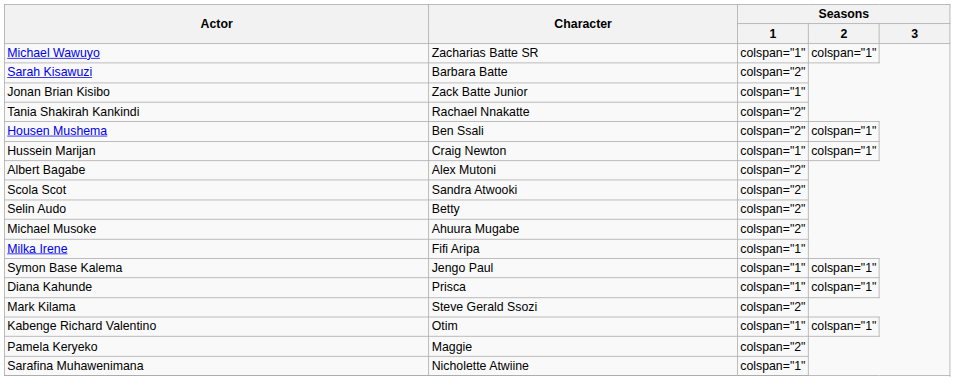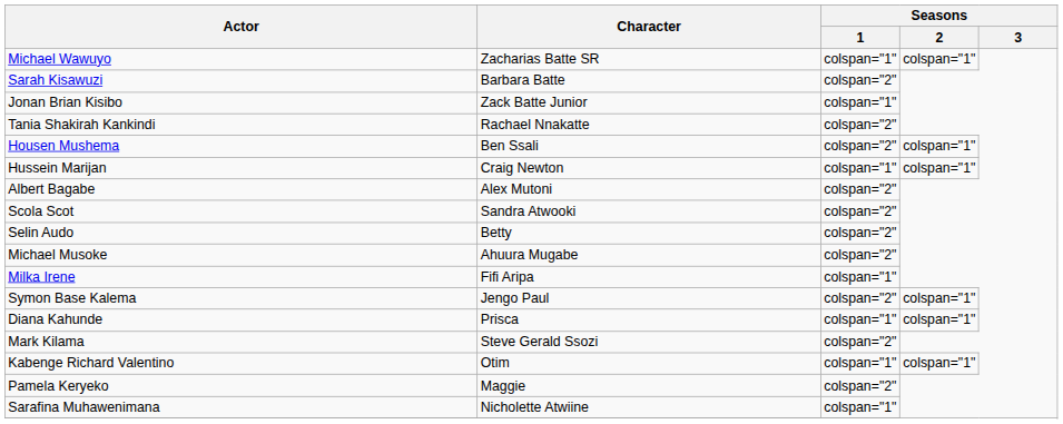 <table class="wikitable plainrowheaders">
 <tr>
 <th scope="col" rowspan="2">Actor</th>
 <th scope="col" rowspan="2">Character</th>
 <th scope="col" colspan="10">Seasons</th>
 </tr>
 <tr>
 <th scope="col" style="width:7.5%;">1</th>
 <th scope="col" style="width:7.5%;">2</th>
 <th scope="col" style="width:7.5%;">3</th>
 </tr>
 <tr>
 <td scope="row"><a href='#'>Michael Wawuyo</a></td>
 <td>Zacharias Batte SR</td>
 <td>colspan="1" </td>
 <td>colspan="1" </td>
 </tr>
 <tr>
 <td scope="row"><a href='#'>Sarah Kisawuzi</a></td>
 <td>Barbara Batte</td>
 <td>colspan="2" </td>
 </tr>
 <tr>
 <td scope="row">Jonan Brian Kisibo</td>
 <td>Zack Batte Junior</td>
 <td>colspan="1" </td>
 </tr>
 <tr>
 <td scope="row">Tania Shakirah Kankindi</td>
 <td>Rachael Nnakatte</td>
 <td>colspan="2" </td>
 </tr>
 <tr>
 <td><a href='#'>Housen Mushema</a></td>
 <td>Ben Ssali</td>
 <td>colspan="2" </td>
 <td>colspan="1" </td>
 </tr>
 <tr>
 <td>Hussein Marijan</td>
 <td>Craig Newton</td>
 <td>colspan="1" </td>
 <td>colspan="1" </td>
 </tr>
 <tr>
 <td>Albert Bagabe</td>
 <td>Alex Mutoni</td>
 <td>colspan="2" </td>
 </tr>
 <tr>
 <td>Scola Scot</td>
 <td>Sandra Atwooki</td>
 <td>colspan="2" </td>
 </tr>
 <tr>
 <td>Selin Audo</td>
 <td>Betty</td>
 <td>colspan="2" </td>
 </tr>
 <tr>
 <td>Michael Musoke</td>
 <td>Ahuura Mugabe</td>
 <td>colspan="2" </td>
 </tr>
 <tr>
 <td><a href='#'>Milka Irene</a></td>
 <td>Fifi Aripa</td>
 <td>colspan="1" </td>
 </tr>
 <tr>
 <td>Symon Base Kalema</td>
 <td>Jengo Paul</td>
-<td>colspan="1" </td>
+<td>colspan="2" </td>
 <td>colspan="1" </td>
 </tr>
 <tr>
 <td>Diana Kahunde</td>
 <td>Prisca</td>
 <td>colspan="1" </td>
 <td>colspan="1" </td>
 </tr>
 <tr>
 <td>Mark Kilama</td>
 <td>Steve Gerald Ssozi</td>
 <td>colspan="2" </td>
 </tr>
 <tr>
 <td>Kabenge Richard Valentino</td>
 <td>Otim</td>
 <td>colspan="1" </td>
 <td>colspan="1" </td>
 </tr>
 <tr>
 <td>Pamela Keryeko</td>
 <td>Maggie</td>
 <td>colspan="2" </td>
 </tr>
 <tr>
 <td>Sarafina Muhawenimana</td>
 <td>Nicholette Atwiine</td>
 <td>colspan="1" </td>
 </tr>
 <tr>
 </tr>
 </table>
